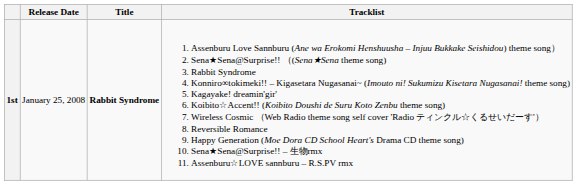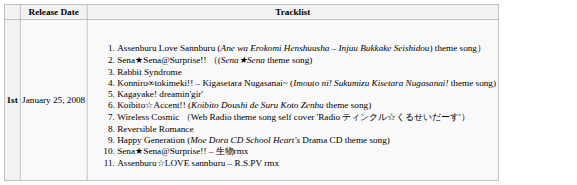 <table class="wikitable" style="font-size:smaller">
 <tr>
 <th> </th>
 <th>Release Date</th>
-<th>Title</th>
 <th>Tracklist</th>
 </tr>
 <tr>
 <th>1st</th>
 <td>January 25, 2008</td>
-<td><strong> Rabbit Syndrome</strong></td>
 <td><br><ol><li>Assenburu Love Sannburu (<em>Ane wa Erokomi Henshuusha – Injuu Bukkake Seishidou</em>) theme song）</li><li>Sena★Sena@Surprise!! （(<em>Sena★Sena</em> theme song)</li><li>Rabbit Syndrome</li><li>Konniro∞tokimeki!! – Kigasetara Nugasanai~ (<em>Imouto ni! Sukumizu Kisetara Nugasanai!</em> theme song)</li><li>Kagayake! dreamin'gir'</li><li>Koibito☆Accent!! (<em>Koibito Doushi de Suru Koto Zenbu</em> theme song)</li><li>Wireless Cosmic （Web Radio theme song self cover 'Radio ティンクル☆くるせいだーす'）</li><li>Reversible Romance</li><li>Happy Generation (<em>Moe Dora CD School Heart's</em> Drama CD theme song)</li><li>Sena★Sena@Surprise!! – 生物rmx</li><li>Assenburu☆LOVE sannburu – R.S.PV rmx</li></ol></td>
 </tr>
 </table>
